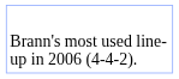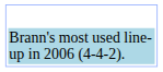 <table style="float: right; margin-left: 1em; margin-bottom: 0.5em; width: 160px; border: #99B3FF solid 1px">
 <tr ---->
 <td><div><br> 	   	  	 	 	  	   	  	   	  	   	  	   	 </div></td>
 </tr>
 <tr ---->
-<td>Brann's most used line-up in 2006 (4-4-2).</td>
+<td style="background: lightblue;">Brann's most used line-up in 2006 (4-4-2).</td>
 </tr>
 </table>
